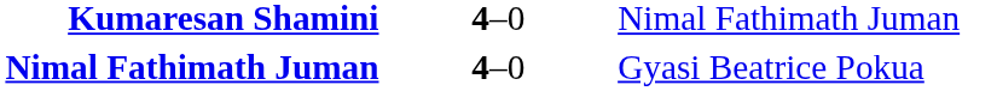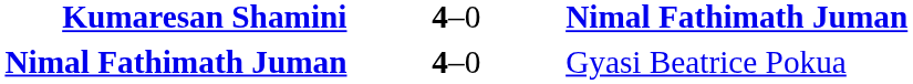 <table>
 <tr>
 <th width=200></th>
 <th width=100></th>
 <th width=200></th>
 </tr>
 <tr>
 <td align=right><strong><a href='#'>Kumaresan Shamini</a> </strong></td>
 <td align=center><strong>4</strong>–0</td>
-<td> <a href='#'>Nimal Fathimath Juman</a></td>
+<td><strong> <a href='#'>Nimal Fathimath Juman</a></strong></td>
 </tr>
 <tr>
 <td align=right><strong><a href='#'>Nimal Fathimath Juman</a> </strong></td>
 <td align=center><strong>4</strong>–0</td>
 <td> <a href='#'>Gyasi Beatrice Pokua</a></td>
 </tr>
 </table>
